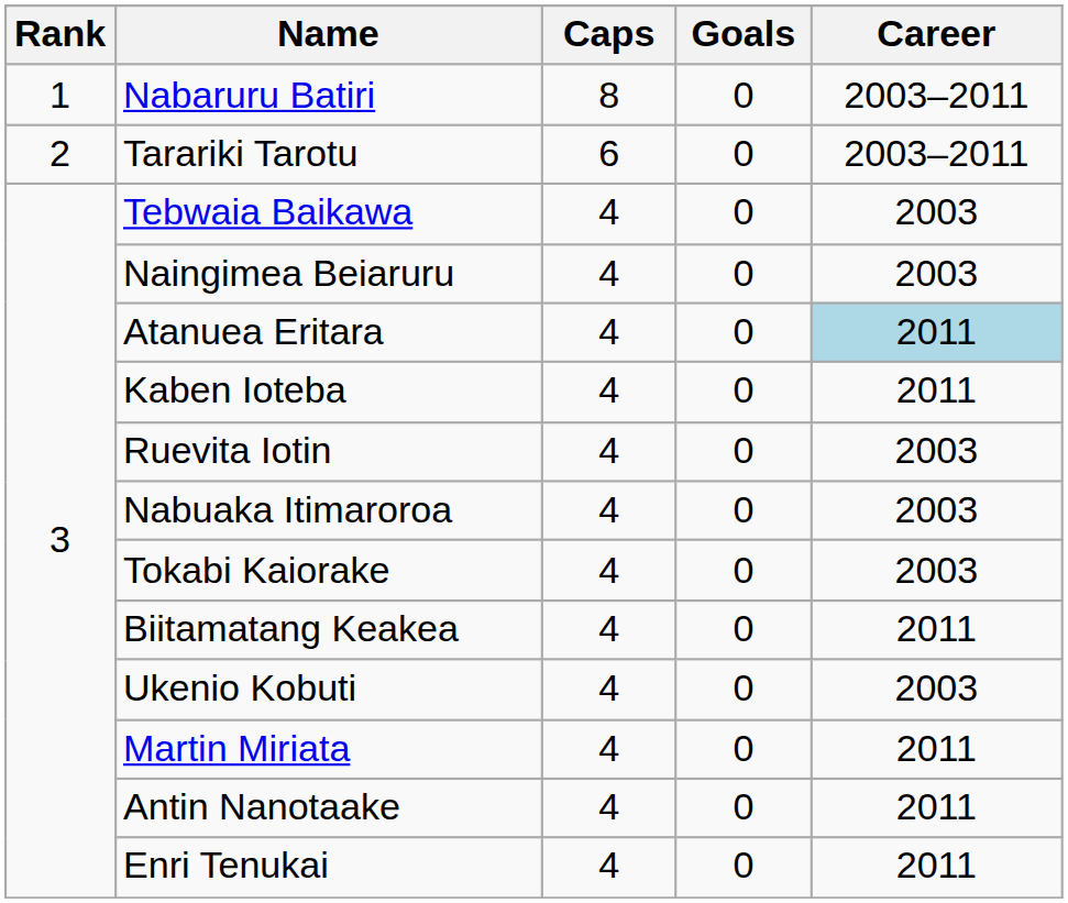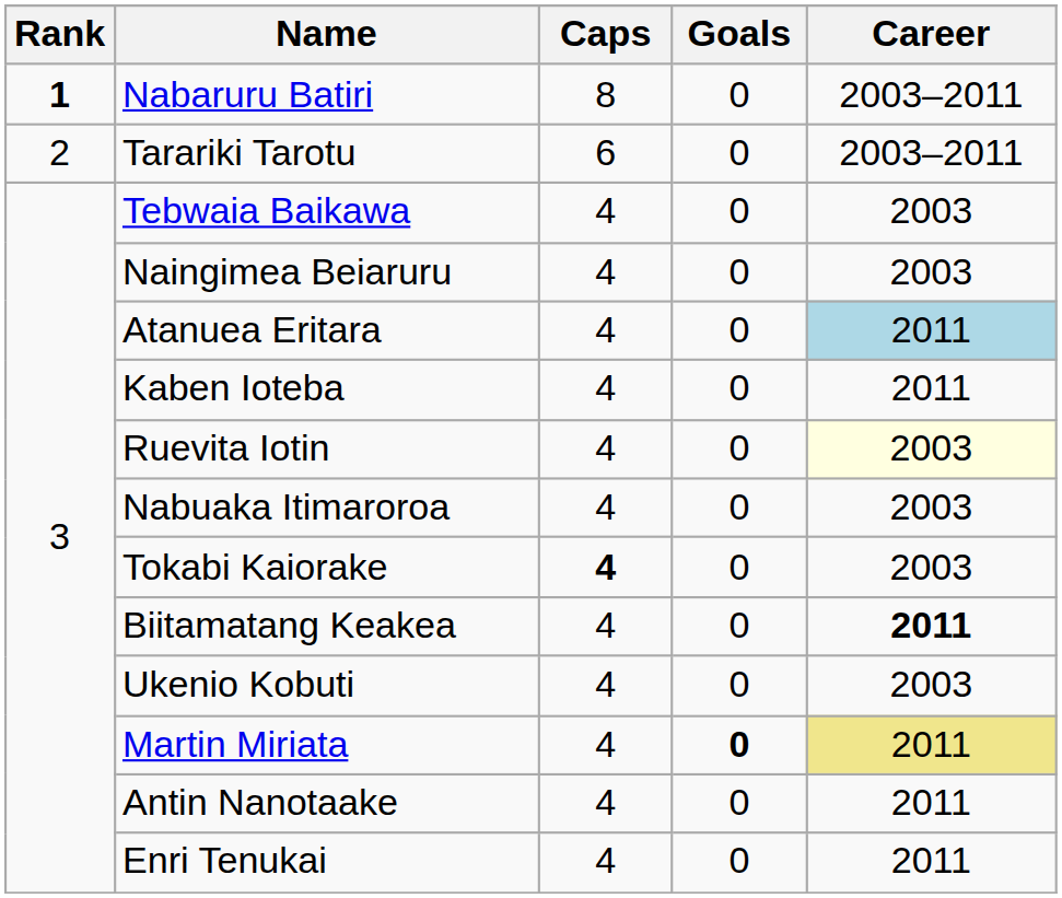 <table class="wikitable sortable" style="text-align: center;">
 <tr>
 </tr>
 <tr>
 <th width=30px>Rank</th>
 <th class="unsortable" style="width:175px;">Name</th>
 <th width=50px>Caps</th>
 <th width=50px>Goals</th>
 <th class="unsortable" style="width:100px;">Career</th>
 </tr>
 <tr>
-<td>1</td>
+<td><strong>1</strong></td>
 <td align=left><a href='#'>Nabaruru Batiri</a></td>
 <td>8</td>
 <td>0</td>
 <td>2003–2011</td>
 </tr>
 <tr>
 <td>2</td>
 <td align=left>Tarariki Tarotu</td>
 <td>6</td>
 <td>0</td>
 <td>2003–2011</td>
 </tr>
 <tr>
 <td rowspan=12>3</td>
 <td align=left><a href='#'>Tebwaia Baikawa</a></td>
 <td>4</td>
 <td>0</td>
 <td>2003</td>
 </tr>
 <tr>
 <td align=left>Naingimea Beiaruru</td>
 <td>4</td>
 <td>0</td>
 <td>2003</td>
 </tr>
 <tr>
 <td align=left>Atanuea Eritara</td>
 <td>4</td>
 <td>0</td>
 <td style="background: lightblue;">2011</td>
 </tr>
 <tr>
 <td align=left>Kaben Ioteba</td>
 <td>4</td>
 <td>0</td>
 <td>2011</td>
 </tr>
 <tr>
 <td align=left>Ruevita Iotin</td>
 <td>4</td>
 <td>0</td>
-<td>2003</td>
+<td style="background: lightyellow;">2003</td>
 </tr>
 <tr>
 <td align=left>Nabuaka Itimaroroa</td>
 <td>4</td>
 <td>0</td>
 <td>2003</td>
 </tr>
 <tr>
 <td align=left>Tokabi Kaiorake</td>
-<td>4</td>
+<td><strong>4</strong></td>
 <td>0</td>
 <td>2003</td>
 </tr>
 <tr>
 <td align=left>Biitamatang Keakea</td>
 <td>4</td>
 <td>0</td>
-<td>2011</td>
+<td><strong>2011</strong></td>
 </tr>
 <tr>
 <td align=left>Ukenio Kobuti</td>
 <td>4</td>
 <td>0</td>
 <td>2003</td>
 </tr>
 <tr>
 <td align=left><a href='#'>Martin Miriata</a></td>
 <td>4</td>
-<td>0</td>
-<td>2011</td>
+<td><strong>0</strong></td>
+<td style="background: khaki;">2011</td>
 </tr>
 <tr>
 <td align=left>Antin Nanotaake</td>
 <td>4</td>
 <td>0</td>
 <td>2011</td>
 </tr>
 <tr>
 <td align=left>Enri Tenukai</td>
 <td>4</td>
 <td>0</td>
 <td>2011</td>
 </tr>
 <tr>
 </tr>
 </table>
